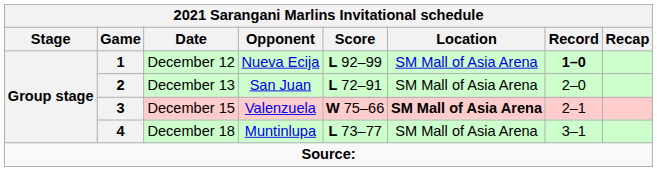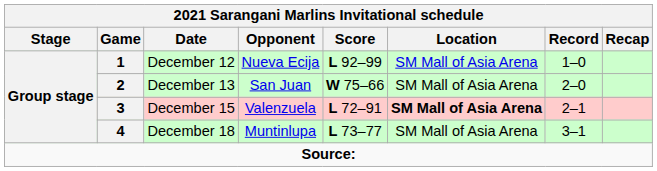 <table class="wikitable" style="text-align:center">
 <tr>
 <th colspan=8>2021 Sarangani Marlins Invitational schedule</th>
 </tr>
 <tr>
 <th>Stage</th>
 <th>Game</th>
 <th>Date</th>
 <th>Opponent</th>
 <th>Score</th>
 <th>Location</th>
 <th>Record</th>
 <th>Recap<br></th>
 </tr>
 <tr style="background:#cfc">
 <th rowspan=4>Group stage</th>
 <th>1</th>
 <td>December 12</td>
 <td><a href='#'>Nueva Ecija</a></td>
 <td><strong>L</strong> 92–99</td>
 <td><a href='#'>SM Mall of Asia Arena</a></td>
-<td><strong>1–0</strong></td>
+<td>1–0</td>
 <td></td>
 </tr>
 <tr style="background:#cfc">
 <th>2</th>
 <td>December 13</td>
 <td><a href='#'>San Juan</a></td>
-<td><strong>L</strong> 72–91</td>
+<td><strong>W</strong> 75–66</td>
 <td>SM Mall of Asia Arena</td>
 <td>2–0</td>
 <td></td>
 </tr>
 <tr style="background:#fcc">
 <th>3</th>
 <td>December 15</td>
 <td><a href='#'>Valenzuela</a></td>
-<td><strong>W</strong> 75–66</td>
+<td><strong>L</strong> 72–91</td>
 <td><strong>SM Mall of Asia Arena</strong></td>
 <td>2–1</td>
 <td></td>
 </tr>
 <tr style="background:#cfc">
 <th>4</th>
 <td>December 18</td>
 <td><a href='#'>Muntinlupa</a></td>
 <td><strong>L</strong> 73–77</td>
 <td>SM Mall of Asia Arena</td>
 <td>3–1</td>
 <td></td>
 </tr>
 <tr>
 <td colspan=8 align=center><strong>Source: </strong></td>
 </tr>
 </table>
